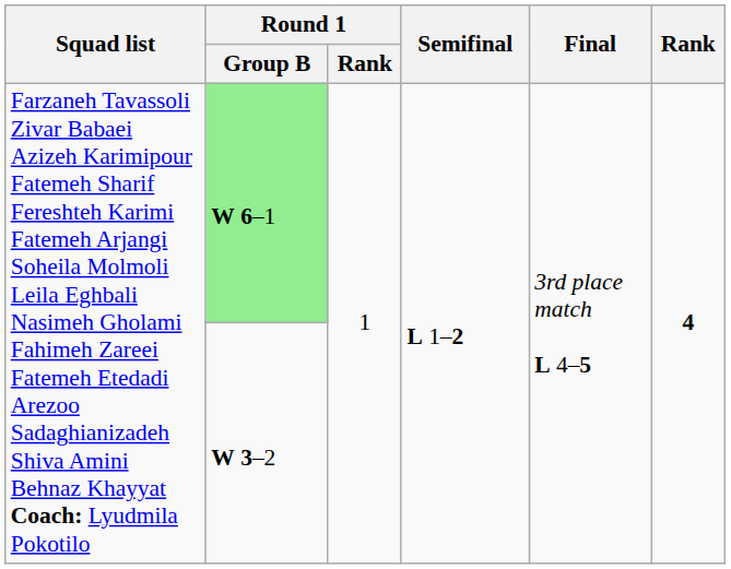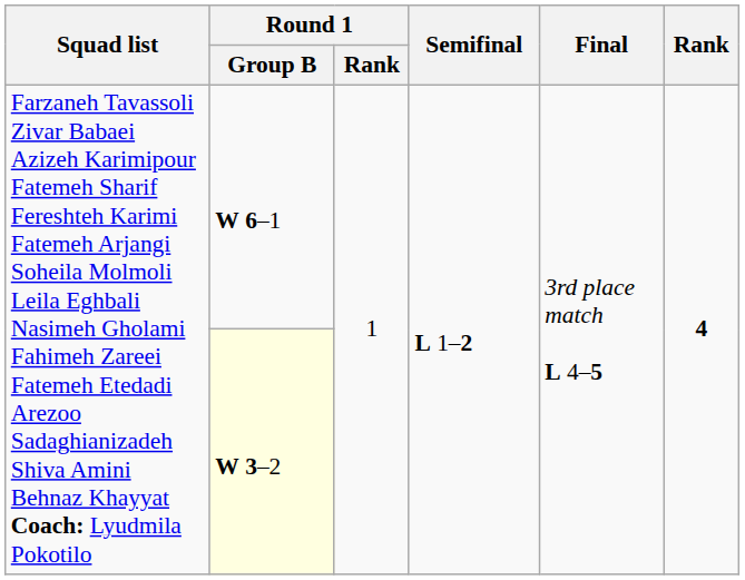 <table class="wikitable" width="71%" style="text-align:left; font-size:90%">
 <tr>
 <th rowspan="2" width="20%">Squad list</th>
 <th colspan="2">Round 1</th>
 <th rowspan="2" width="14%">Semifinal</th>
 <th rowspan="2" width="14%">Final</th>
 <th rowspan="2" width="5%">Rank</th>
 </tr>
 <tr>
 <th width="14%">Group B</th>
 <th width="5%">Rank</th>
 </tr>
 <tr>
 <td rowspan="2"><a href='#'>Farzaneh Tavassoli</a><br><a href='#'>Zivar Babaei</a><br><a href='#'>Azizeh Karimipour</a><br><a href='#'>Fatemeh Sharif</a><br><a href='#'>Fereshteh Karimi</a><br><a href='#'>Fatemeh Arjangi</a><br><a href='#'>Soheila Molmoli</a><br><a href='#'>Leila Eghbali</a><br><a href='#'>Nasimeh Gholami</a><br><a href='#'>Fahimeh Zareei</a><br><a href='#'>Fatemeh Etedadi</a><br><a href='#'>Arezoo Sadaghianizadeh</a><br><a href='#'>Shiva Amini</a><br><a href='#'>Behnaz Khayyat</a><br><strong>Coach:</strong>  <a href='#'>Lyudmila Pokotilo</a></td>
-<td style="background: lightgreen;"><br><strong>W</strong> <strong>6</strong>–1</td>
+<td><br><strong>W</strong> <strong>6</strong>–1</td>
 <td rowspan="2" align=center>1 <strong></strong></td>
 <td rowspan="2"><br><strong>L</strong> 1–<strong>2</strong></td>
 <td rowspan="2"><em>3rd place match</em><br><br><strong>L</strong> 4–<strong>5</strong></td>
 <td rowspan="2" align="center"><strong>4</strong></td>
 </tr>
 <tr>
-<td><br><strong>W</strong> <strong>3</strong>–2</td>
+<td style="background: lightyellow;"><br><strong>W</strong> <strong>3</strong>–2</td>
 </tr>
 </table>
